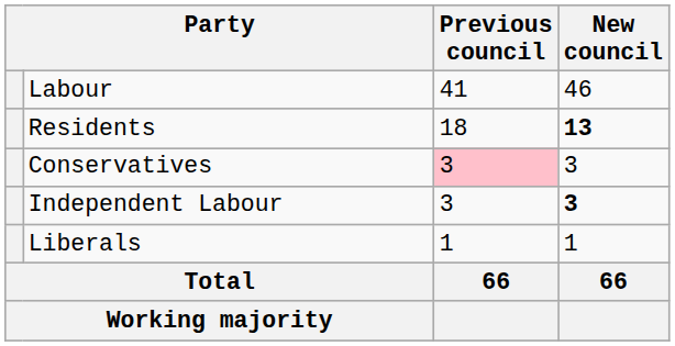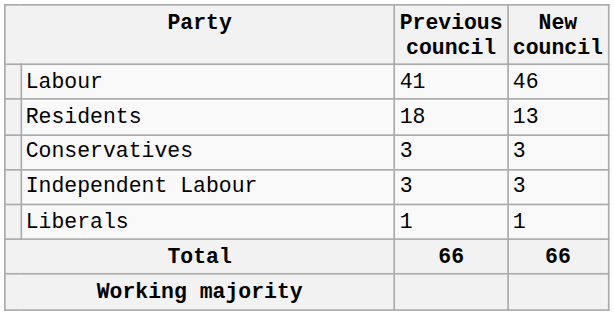 <table class="wikitable">
 <tr>
 <th valign=top colspan="2" style="width: 230px">Party</th>
 <th valign=top style="width: 30px">Previous council</th>
 <th valign=top style="width: 30px">New council</th>
 </tr>
 <tr>
 <th style="background-color: "></th>
 <td>Labour</td>
 <td>41</td>
 <td>46</td>
 </tr>
 <tr>
 <th style="background-color: "></th>
 <td>Residents</td>
 <td>18</td>
-<td><strong>13</strong></td>
+<td>13</td>
 </tr>
 <tr>
 <th style="background-color: "></th>
 <td>Conservatives</td>
-<td style="background: pink;">3</td>
+<td>3</td>
 <td>3</td>
 </tr>
 <tr>
 <th style="background-color: "></th>
 <td>Independent Labour</td>
 <td>3</td>
-<td><strong>3</strong></td>
+<td>3</td>
 </tr>
 <tr>
 <th style="background-color: "></th>
 <td>Liberals</td>
 <td>1</td>
 <td>1</td>
 </tr>
 <tr>
 <th colspan=2>Total</th>
 <th style="text-align: center">66</th>
 <th colspan=3>66</th>
 </tr>
 <tr>
 <th colspan=2>Working majority</th>
 <th></th>
 <th></th>
 </tr>
 </table>
